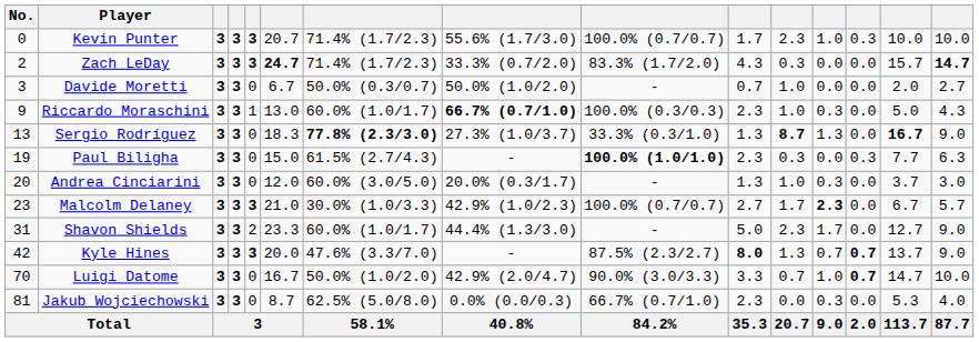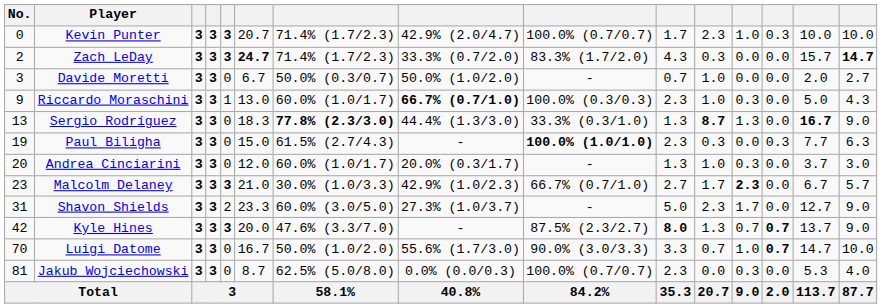 <table class="wikitable sortable" style="text-align:center; font-size:95%">
 <tr>
 <th>No.</th>
 <th>Player</th>
 <th></th>
 <th></th>
 <th></th>
 <th></th>
 <th></th>
 <th></th>
 <th></th>
 <th></th>
 <th></th>
 <th></th>
 <th></th>
 <th></th>
 <th></th>
 </tr>
 <tr>
 <td>0</td>
 <td><a href='#'>Kevin Punter</a></td>
 <td><strong>3</strong></td>
 <td><strong>3</strong></td>
 <td><strong>3</strong></td>
 <td>20.7</td>
 <td>71.4% (1.7/2.3)</td>
-<td>55.6% (1.7/3.0)</td>
+<td>42.9% (2.0/4.7)</td>
 <td>100.0% (0.7/0.7)</td>
 <td>1.7</td>
 <td>2.3</td>
 <td>1.0</td>
 <td>0.3</td>
 <td>10.0</td>
 <td>10.0</td>
 </tr>
 <tr>
 <td>2</td>
 <td><a href='#'>Zach LeDay</a></td>
 <td><strong>3</strong></td>
 <td><strong>3</strong></td>
 <td><strong>3</strong></td>
 <td><strong>24.7</strong></td>
 <td>71.4% (1.7/2.3)</td>
 <td>33.3% (0.7/2.0)</td>
 <td>83.3% (1.7/2.0)</td>
 <td>4.3</td>
 <td>0.3</td>
 <td>0.0</td>
 <td>0.0</td>
 <td>15.7</td>
 <td><strong>14.7</strong></td>
 </tr>
 <tr>
 <td>3</td>
 <td><a href='#'>Davide Moretti</a></td>
 <td><strong>3</strong></td>
 <td><strong>3</strong></td>
 <td>0</td>
 <td>6.7</td>
 <td>50.0% (0.3/0.7)</td>
 <td>50.0% (1.0/2.0)</td>
 <td>-</td>
 <td>0.7</td>
 <td>1.0</td>
 <td>0.0</td>
 <td>0.0</td>
 <td>2.0</td>
 <td>2.7</td>
 </tr>
 <tr>
 <td>9</td>
 <td><a href='#'>Riccardo Moraschini</a></td>
 <td><strong>3</strong></td>
 <td><strong>3</strong></td>
 <td>1</td>
 <td>13.0</td>
 <td>60.0% (1.0/1.7)</td>
 <td><strong>66.7% (0.7/1.0)</strong></td>
 <td>100.0% (0.3/0.3)</td>
 <td>2.3</td>
 <td>1.0</td>
 <td>0.3</td>
 <td>0.0</td>
 <td>5.0</td>
 <td>4.3</td>
 </tr>
 <tr>
 <td>13</td>
 <td><a href='#'>Sergio Rodríguez</a></td>
 <td><strong>3</strong></td>
 <td><strong>3</strong></td>
 <td>0</td>
 <td>18.3</td>
 <td><strong>77.8% (2.3/3.0)</strong></td>
-<td>27.3% (1.0/3.7)</td>
+<td>44.4% (1.3/3.0)</td>
 <td>33.3% (0.3/1.0)</td>
 <td>1.3</td>
 <td><strong>8.7</strong></td>
 <td>1.3</td>
 <td>0.0</td>
 <td><strong>16.7</strong></td>
 <td>9.0</td>
 </tr>
 <tr>
 <td>19</td>
 <td><a href='#'>Paul Biligha</a></td>
 <td><strong>3</strong></td>
 <td><strong>3</strong></td>
 <td>0</td>
 <td>15.0</td>
 <td>61.5% (2.7/4.3)</td>
 <td>-</td>
 <td><strong>100.0% (1.0/1.0)</strong></td>
 <td>2.3</td>
 <td>0.3</td>
 <td>0.0</td>
 <td>0.3</td>
 <td>7.7</td>
 <td>6.3</td>
 </tr>
 <tr>
 <td>20</td>
 <td><a href='#'>Andrea Cinciarini</a></td>
 <td><strong>3</strong></td>
 <td><strong>3</strong></td>
 <td>0</td>
 <td>12.0</td>
-<td>60.0% (3.0/5.0)</td>
+<td>60.0% (1.0/1.7)</td>
 <td>20.0% (0.3/1.7)</td>
 <td>-</td>
 <td>1.3</td>
 <td>1.0</td>
 <td>0.3</td>
 <td>0.0</td>
 <td>3.7</td>
 <td>3.0</td>
 </tr>
 <tr>
 <td>23</td>
 <td><a href='#'>Malcolm Delaney</a></td>
 <td><strong>3</strong></td>
 <td><strong>3</strong></td>
 <td><strong>3</strong></td>
 <td>21.0</td>
 <td>30.0% (1.0/3.3)</td>
 <td>42.9% (1.0/2.3)</td>
-<td>100.0% (0.7/0.7)</td>
+<td>66.7% (0.7/1.0)</td>
 <td>2.7</td>
 <td>1.7</td>
 <td><strong>2.3</strong></td>
 <td>0.0</td>
 <td>6.7</td>
 <td>5.7</td>
 </tr>
 <tr>
 <td>31</td>
 <td><a href='#'>Shavon Shields</a></td>
 <td><strong>3</strong></td>
 <td><strong>3</strong></td>
 <td>2</td>
 <td>23.3</td>
-<td>60.0% (1.0/1.7)</td>
-<td>44.4% (1.3/3.0)</td>
+<td>60.0% (3.0/5.0)</td>
+<td>27.3% (1.0/3.7)</td>
 <td>-</td>
 <td>5.0</td>
 <td>2.3</td>
 <td>1.7</td>
 <td>0.0</td>
 <td>12.7</td>
 <td>9.0</td>
 </tr>
 <tr>
 <td>42</td>
 <td><a href='#'>Kyle Hines</a></td>
 <td><strong>3</strong></td>
 <td><strong>3</strong></td>
 <td><strong>3</strong></td>
 <td>20.0</td>
 <td>47.6% (3.3/7.0)</td>
 <td>-</td>
 <td>87.5% (2.3/2.7)</td>
 <td><strong>8.0</strong></td>
 <td>1.3</td>
 <td>0.7</td>
 <td><strong>0.7</strong></td>
 <td>13.7</td>
 <td>9.0</td>
 </tr>
 <tr>
 <td>70</td>
 <td><a href='#'>Luigi Datome</a></td>
 <td><strong>3</strong></td>
 <td><strong>3</strong></td>
 <td>0</td>
 <td>16.7</td>
 <td>50.0% (1.0/2.0)</td>
-<td>42.9% (2.0/4.7)</td>
+<td>55.6% (1.7/3.0)</td>
 <td>90.0% (3.0/3.3)</td>
 <td>3.3</td>
 <td>0.7</td>
 <td>1.0</td>
 <td><strong>0.7</strong></td>
 <td>14.7</td>
 <td>10.0</td>
 </tr>
 <tr>
 <td>81</td>
 <td><a href='#'>Jakub Wojciechowski</a></td>
 <td><strong>3</strong></td>
 <td><strong>3</strong></td>
 <td>0</td>
 <td>8.7</td>
 <td>62.5% (5.0/8.0)</td>
 <td>0.0% (0.0/0.3)</td>
-<td>66.7% (0.7/1.0)</td>
+<td>100.0% (0.7/0.7)</td>
 <td>2.3</td>
 <td>0.0</td>
 <td>0.3</td>
 <td>0.0</td>
 <td>5.3</td>
 <td>4.0</td>
 </tr>
 <tr class="sortbottom">
 <th colspan=2>Total</th>
 <th colspan=4>3</th>
 <th>58.1%</th>
 <th>40.8%</th>
 <th>84.2%</th>
 <th>35.3</th>
 <th>20.7</th>
 <th>9.0</th>
 <th>2.0</th>
 <th>113.7</th>
 <th>87.7</th>
 </tr>
 </table>
